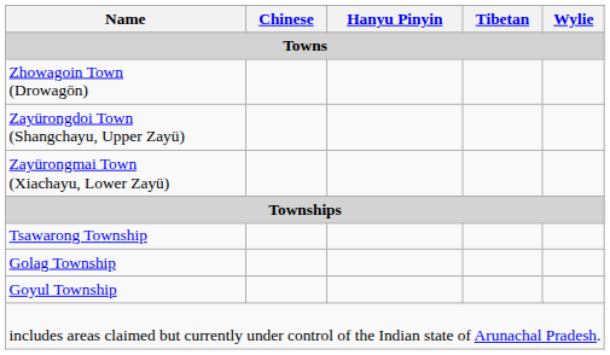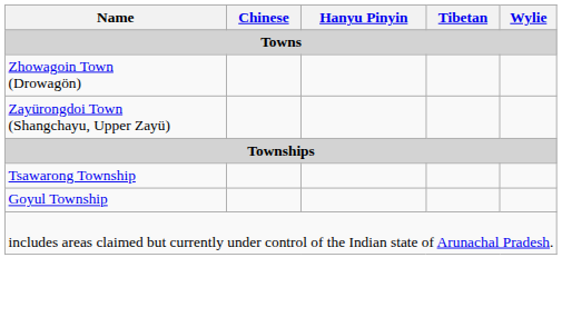 <table class="wikitable"  style="font-size:90%;" align=center>
 <tr>
 <th>Name</th>
 <th><a href='#'>Chinese</a></th>
 <th><a href='#'>Hanyu Pinyin</a></th>
 <th><a href='#'>Tibetan</a></th>
 <th><a href='#'>Wylie</a></th>
 </tr>
 <tr --------->
 <td colspan="5"  style="text-align:center; background:#d3d3d3;"><strong>Towns</strong></td>
 </tr>
 <tr --------->
 <td><a href='#'>Zhowagoin Town</a><br>(Drowagön)</td>
 <td></td>
 <td></td>
 <td></td>
 <td></td>
 </tr>
 <tr>
 <td><a href='#'>Zayürongdoi Town</a><br>(Shangchayu, Upper Zayü)</td>
 <td></td>
 <td></td>
 <td></td>
 <td></td>
 </tr>
-<tr>
-<td><a href='#'>Zayürongmai Town</a><br>(Xiachayu, Lower Zayü)</td>
-<td></td>
-<td></td>
-<td></td>
-<td></td>
-</tr>
 <tr --------->
 <td colspan="5"  style="text-align:center; background:#d3d3d3;"><strong>Townships</strong></td>
 </tr>
 <tr --------->
 <td><a href='#'>Tsawarong Township</a></td>
-<td></td>
-<td></td>
-<td></td>
-<td></td>
-</tr>
-<tr>
-<td><a href='#'>Golag Township</a></td>
 <td></td>
 <td></td>
 <td></td>
 <td></td>
 </tr>
 <tr>
 <td><a href='#'>Goyul Township</a></td>
 <td></td>
 <td></td>
 <td></td>
 <td></td>
 </tr>
 <tr>
 <td colspan="5"><div><br> includes areas claimed but currently under control of the Indian state of <a href='#'>Arunachal Pradesh</a>. </div></td>
 </tr>
 </table>
